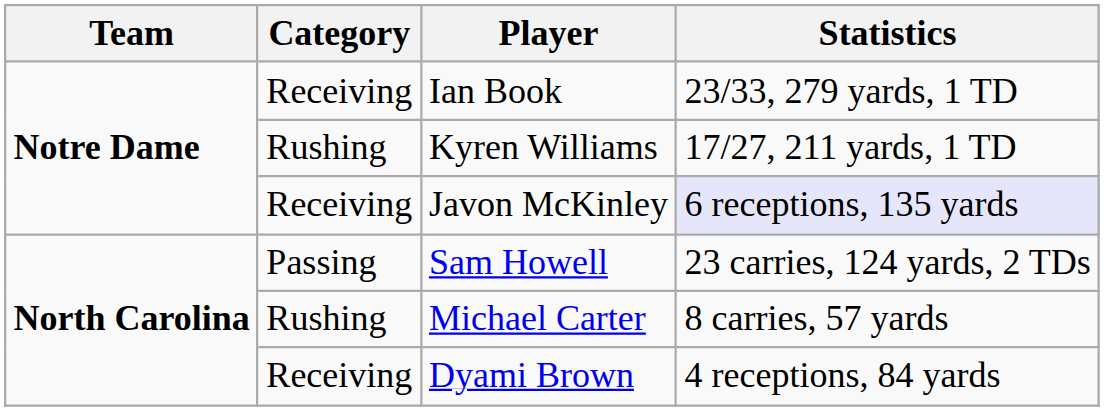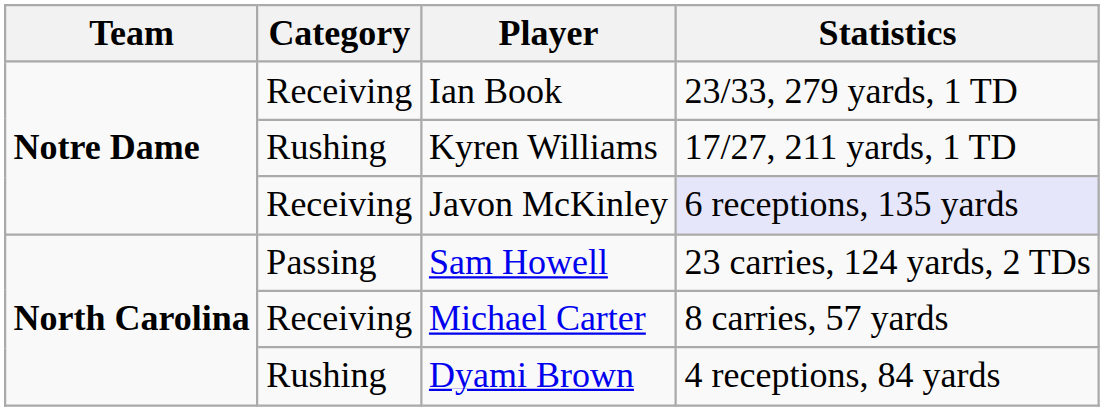 <table class="wikitable" style="float: left;">
 <tr>
 <th>Team</th>
 <th>Category</th>
 <th>Player</th>
 <th>Statistics</th>
 </tr>
 <tr>
 <td rowspan=3><strong>Notre Dame</strong></td>
 <td>Receiving</td>
 <td>Ian Book</td>
 <td>23/33, 279 yards, 1 TD</td>
 </tr>
 <tr>
 <td>Rushing</td>
 <td>Kyren Williams</td>
 <td>17/27, 211 yards, 1 TD</td>
 </tr>
 <tr>
 <td>Receiving</td>
 <td>Javon McKinley</td>
 <td style="background: lavender;">6 receptions, 135 yards</td>
 </tr>
 <tr>
 <td rowspan=3><strong>North Carolina</strong></td>
 <td>Passing</td>
 <td><a href='#'>Sam Howell</a></td>
 <td>23 carries, 124 yards, 2 TDs</td>
 </tr>
 <tr>
-<td>Rushing</td>
+<td>Receiving</td>
 <td><a href='#'>Michael Carter</a></td>
 <td>8 carries, 57 yards</td>
 </tr>
 <tr>
-<td>Receiving</td>
+<td>Rushing</td>
 <td><a href='#'>Dyami Brown</a></td>
 <td>4 receptions, 84 yards</td>
 </tr>
 </table>
